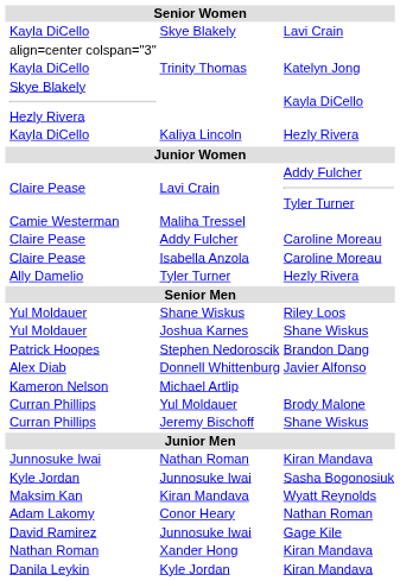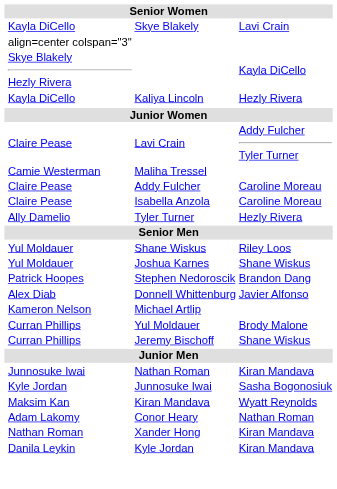 <table>
 <tr style="background:#dfdfdf;">
 <td colspan="4" style="text-align:center;"><strong>Senior Women</strong></td>
 </tr>
 <tr>
 <th scope=row style="text-align:left"></th>
 <td><a href='#'>Kayla DiCello</a></td>
 <td><a href='#'>Skye Blakely</a></td>
 <td><a href='#'>Lavi Crain</a></td>
 </tr>
 <tr>
 <th scope=row style="text-align:left"></th>
 <td>align=center colspan="3" </td>
-</tr>
-<tr>
-<th scope=row style="text-align:left"></th>
-<td><a href='#'>Kayla DiCello</a></td>
-<td><a href='#'>Trinity Thomas</a></td>
-<td><a href='#'>Katelyn Jong</a></td>
 </tr>
 <tr>
 <th scope=row style="text-align:left"></th>
 <td><a href='#'>Skye Blakely</a><hr><a href='#'>Hezly Rivera</a></td>
 <td></td>
 <td><a href='#'>Kayla DiCello</a></td>
 </tr>
 <tr>
 <th scope=row style="text-align:left"></th>
 <td><a href='#'>Kayla DiCello</a></td>
 <td><a href='#'>Kaliya Lincoln</a></td>
 <td><a href='#'>Hezly Rivera</a></td>
 </tr>
 <tr>
 </tr>
 <tr style="background:#dfdfdf;">
 <td colspan="4" style="text-align:center;"><strong>Junior Women</strong></td>
 </tr>
 <tr>
 <th scope=row style="text-align:left"></th>
 <td><a href='#'>Claire Pease</a></td>
 <td><a href='#'>Lavi Crain</a></td>
 <td><a href='#'>Addy Fulcher</a><hr><a href='#'>Tyler Turner</a></td>
 </tr>
 <tr>
 <th scope=row style="text-align:left"></th>
 <td><a href='#'>Camie Westerman</a></td>
 <td><a href='#'>Maliha Tressel</a></td>
 <td></td>
 </tr>
 <tr>
 <th scope=row style="text-align:left"></th>
 <td><a href='#'>Claire Pease</a></td>
 <td><a href='#'>Addy Fulcher</a></td>
 <td><a href='#'>Caroline Moreau</a></td>
 </tr>
 <tr>
 <th scope=row style="text-align:left"></th>
 <td><a href='#'>Claire Pease</a></td>
 <td><a href='#'>Isabella Anzola</a></td>
 <td><a href='#'>Caroline Moreau</a></td>
 </tr>
 <tr>
 <th scope=row style="text-align:left"></th>
 <td><a href='#'>Ally Damelio</a></td>
 <td><a href='#'>Tyler Turner</a></td>
 <td><a href='#'>Hezly Rivera</a></td>
 </tr>
 <tr style="background:#dfdfdf;">
 <td colspan="4" style="text-align:center;"><strong>Senior Men</strong></td>
 </tr>
 <tr>
 <th scope=row style="text-align:left"></th>
 <td><a href='#'>Yul Moldauer</a></td>
 <td><a href='#'>Shane Wiskus</a></td>
 <td><a href='#'>Riley Loos</a></td>
 </tr>
 <tr>
 <th scope=row style="text-align:left"></th>
 <td><a href='#'>Yul Moldauer</a></td>
 <td><a href='#'>Joshua Karnes</a></td>
 <td><a href='#'>Shane Wiskus</a></td>
 </tr>
 <tr>
 <th scope=row style="text-align:left"></th>
 <td><a href='#'>Patrick Hoopes</a></td>
 <td><a href='#'>Stephen Nedoroscik</a></td>
 <td><a href='#'>Brandon Dang</a></td>
 </tr>
 <tr>
 <th scope=row style="text-align:left"></th>
 <td><a href='#'>Alex Diab</a></td>
 <td><a href='#'>Donnell Whittenburg</a></td>
 <td><a href='#'>Javier Alfonso</a></td>
 </tr>
 <tr>
 <th scope=row style="text-align:left"></th>
 <td><a href='#'>Kameron Nelson</a></td>
 <td><a href='#'>Michael Artlip</a></td>
 <td></td>
 </tr>
 <tr>
 <th scope=row style="text-align:left"></th>
 <td><a href='#'>Curran Phillips</a></td>
 <td><a href='#'>Yul Moldauer</a></td>
 <td><a href='#'>Brody Malone</a></td>
 </tr>
 <tr>
 <th scope=row style="text-align:left"></th>
 <td><a href='#'>Curran Phillips</a></td>
 <td><a href='#'>Jeremy Bischoff</a></td>
 <td><a href='#'>Shane Wiskus</a></td>
 </tr>
 <tr style="background:#dfdfdf;">
 <td colspan="4" style="text-align:center;"><strong>Junior Men</strong></td>
 </tr>
 <tr>
 <th scope=row style="text-align:left"></th>
 <td><a href='#'>Junnosuke Iwai</a></td>
 <td><a href='#'>Nathan Roman</a></td>
 <td><a href='#'>Kiran Mandava</a></td>
 </tr>
 <tr>
 <th scope=row style="text-align:left"></th>
 <td><a href='#'>Kyle Jordan</a></td>
 <td><a href='#'>Junnosuke Iwai</a></td>
 <td><a href='#'>Sasha Bogonosiuk</a></td>
 </tr>
 <tr>
 <th scope=row style="text-align:left"></th>
 <td><a href='#'>Maksim Kan</a></td>
 <td><a href='#'>Kiran Mandava</a></td>
 <td><a href='#'>Wyatt Reynolds</a></td>
 </tr>
 <tr>
 <th scope=row style="text-align:left"></th>
 <td><a href='#'>Adam Lakomy</a></td>
 <td><a href='#'>Conor Heary</a></td>
 <td><a href='#'>Nathan Roman</a></td>
 </tr>
 <tr>
 <th scope=row style="text-align:left"></th>
-<td><a href='#'>David Ramirez</a></td>
-<td><a href='#'>Junnosuke Iwai</a></td>
-<td><a href='#'>Gage Kile</a></td>
-</tr>
-<tr>
-<th scope=row style="text-align:left"></th>
 <td><a href='#'>Nathan Roman</a></td>
 <td><a href='#'>Xander Hong</a></td>
 <td><a href='#'>Kiran Mandava</a></td>
 </tr>
 <tr>
 <th scope=row style="text-align:left"></th>
 <td><a href='#'>Danila Leykin</a></td>
 <td><a href='#'>Kyle Jordan</a></td>
 <td><a href='#'>Kiran Mandava</a></td>
 </tr>
 </table>
